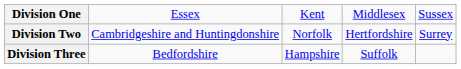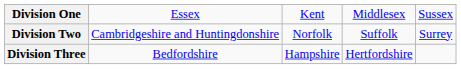 <table class="wikitable" style="text-align: center" style="font-size: 95%; border: 1px #aaaaaa solid; border-collapse: collapse; clear:center;">
 <tr>
 <th>Division One</th>
 <td><a href='#'>Essex</a></td>
 <td><a href='#'>Kent</a></td>
 <td><a href='#'>Middlesex</a></td>
 <td><a href='#'>Sussex</a></td>
 </tr>
 <tr>
 <th>Division Two</th>
 <td><a href='#'>Cambridgeshire and Huntingdonshire</a></td>
 <td><a href='#'>Norfolk</a></td>
-<td><a href='#'>Hertfordshire</a></td>
+<td><a href='#'>Suffolk</a></td>
 <td><a href='#'>Surrey</a></td>
 </tr>
 <tr>
 <th>Division Three</th>
 <td><a href='#'>Bedfordshire</a></td>
 <td><a href='#'>Hampshire</a></td>
-<td><a href='#'>Suffolk</a></td>
+<td><a href='#'>Hertfordshire</a></td>
 </tr>
 </table>
